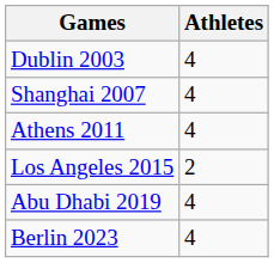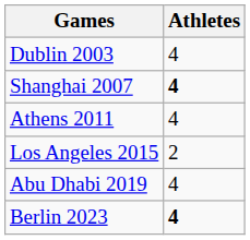 <table class="wikitable">
 <tr>
 <th>Games</th>
 <th>Athletes</th>
 </tr>
 <tr>
 <td> <a href='#'>Dublin 2003</a></td>
 <td>4</td>
 </tr>
 <tr>
 <td> <a href='#'>Shanghai 2007</a></td>
-<td>4</td>
+<td><strong>4</strong></td>
 </tr>
 <tr>
 <td> <a href='#'>Athens 2011</a></td>
 <td>4</td>
 </tr>
 <tr>
 <td> <a href='#'>Los Angeles 2015</a></td>
 <td>2</td>
 </tr>
 <tr>
 <td> <a href='#'>Abu Dhabi 2019</a></td>
 <td>4</td>
 </tr>
 <tr>
 <td> <a href='#'>Berlin 2023</a></td>
-<td>4</td>
+<td><strong>4</strong></td>
 </tr>
 </table>
